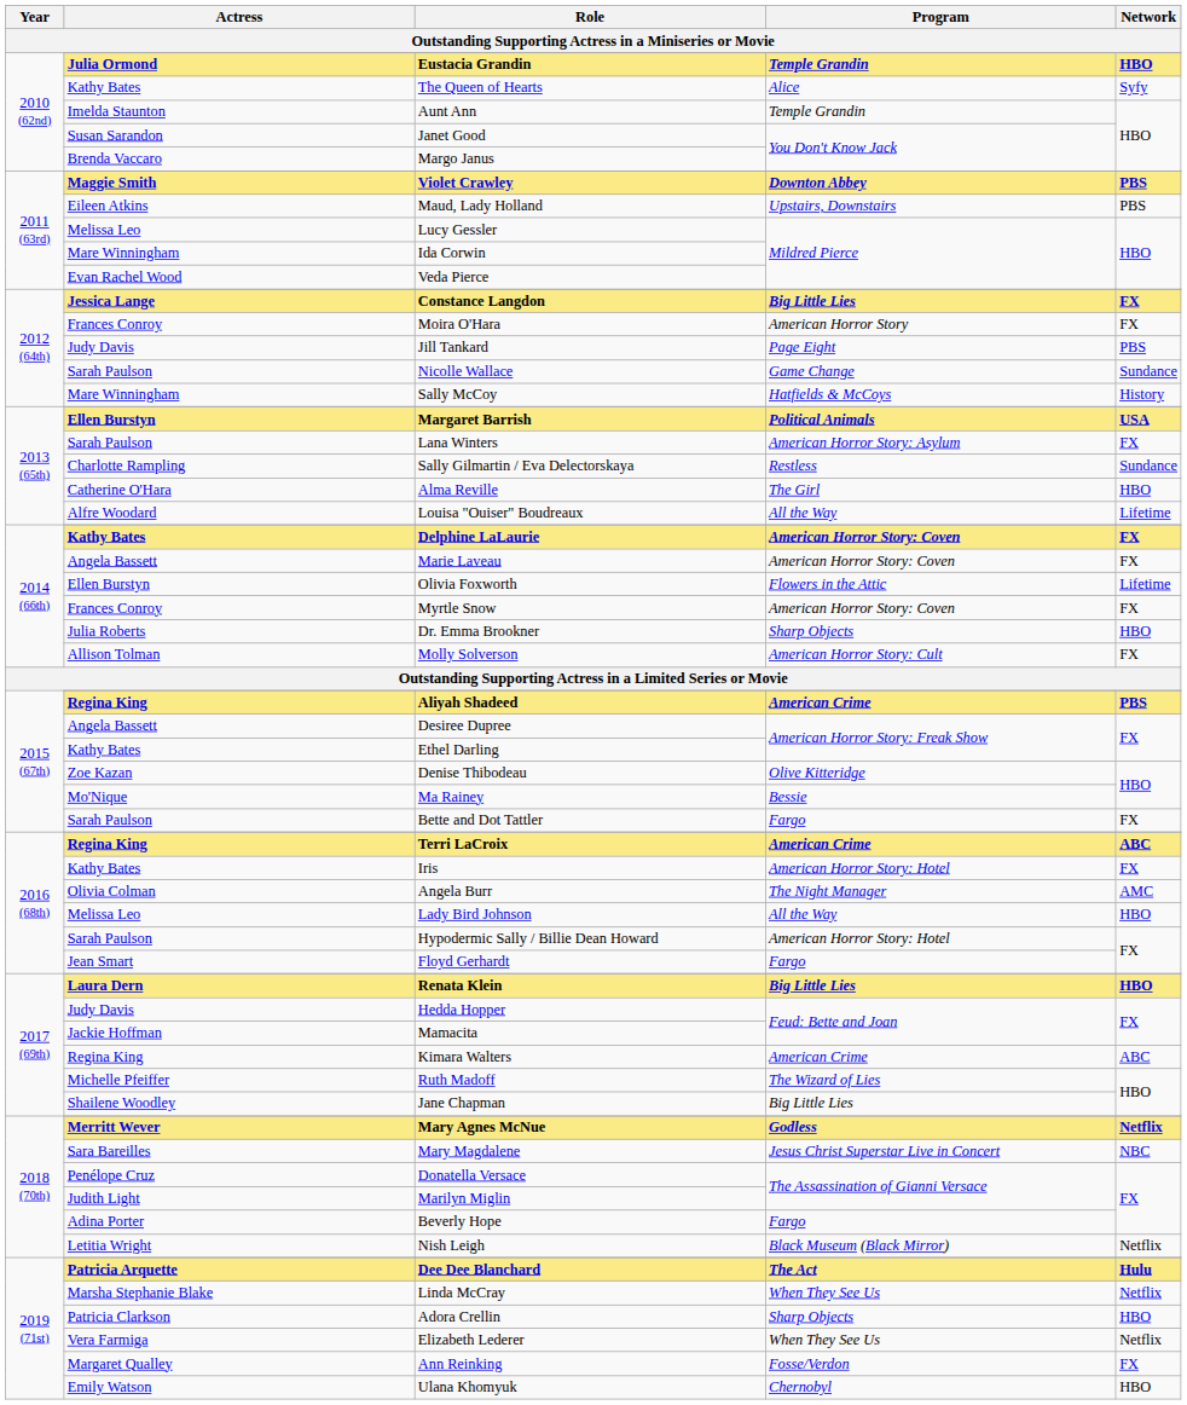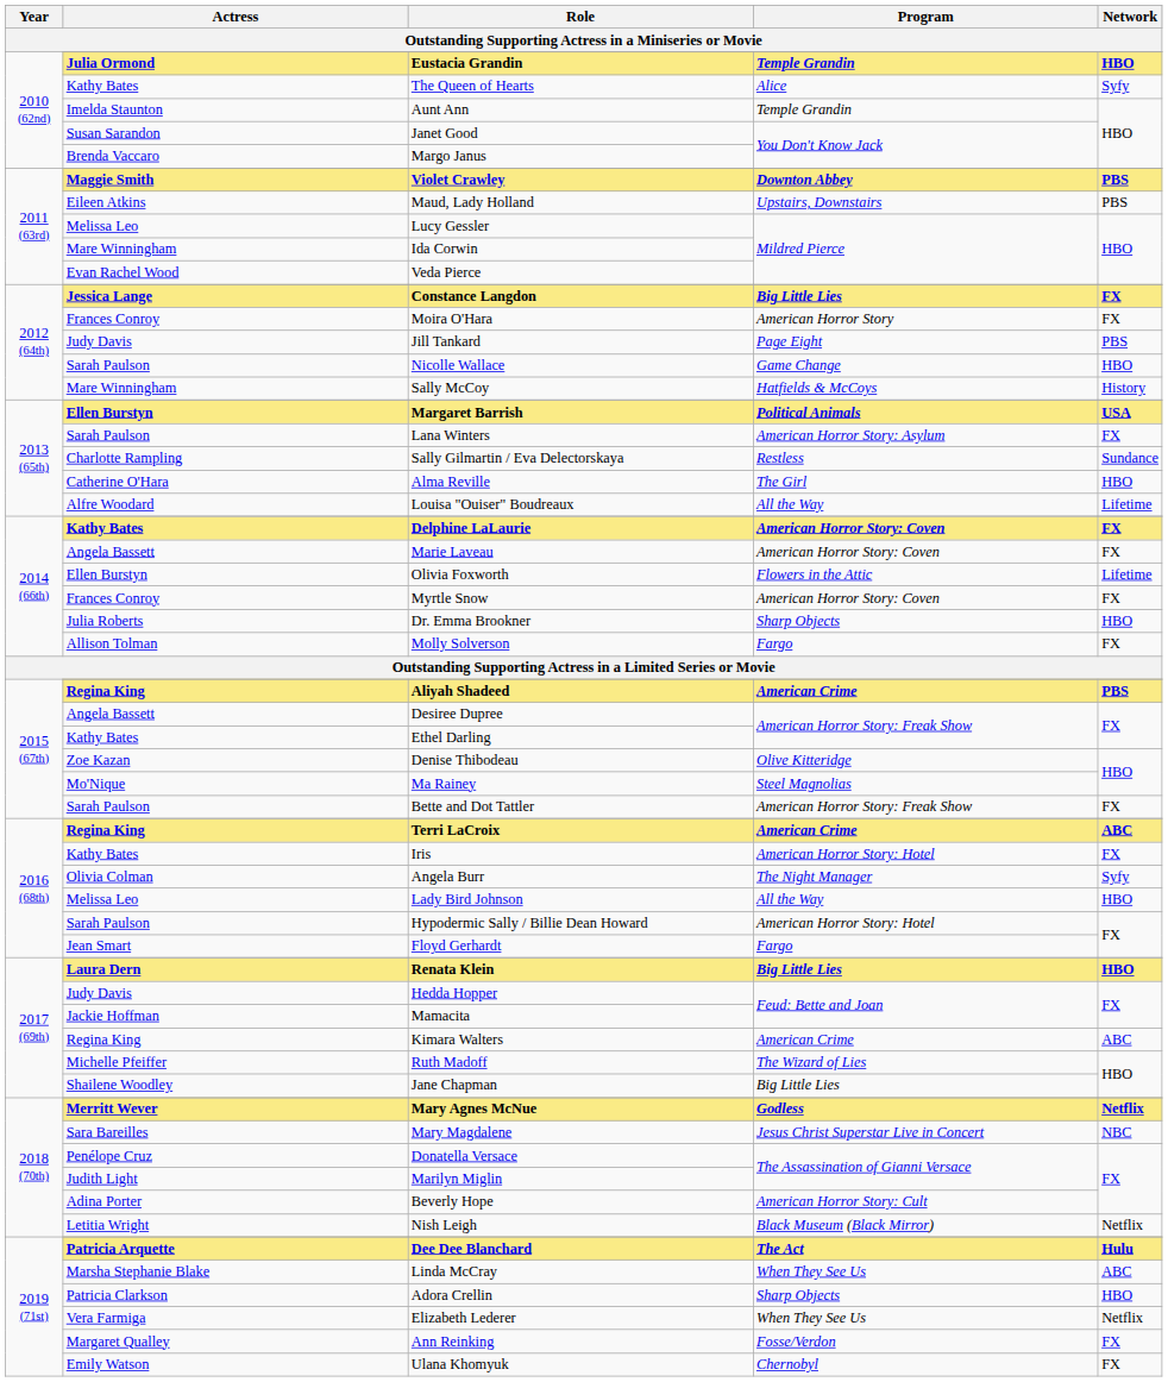 <table class="wikitable" style="width:100%; text-align: left;">
 <tr style="background:#bebebe;">
 <th style="width:5%;">Year</th>
 <th style="width:30%;">Actress</th>
 <th style="width:30%;">Role</th>
 <th style="width:30%;">Program</th>
 <th style="width:5%;">Network</th>
 </tr>
 <tr>
 <th colspan=5>Outstanding Supporting Actress in a Miniseries or Movie</th>
 </tr>
 <tr>
 <td rowspan=6 style="text-align:center"><a href='#'>2010</a><br><small><a href='#'>(62nd)</a></small><br></td>
 </tr>
 <tr style="background:#FAEB86;">
 <td><strong><a href='#'>Julia Ormond</a></strong></td>
 <td><strong>Eustacia Grandin</strong></td>
 <td><strong><em><a href='#'>Temple Grandin</a></em></strong></td>
 <td><strong><a href='#'>HBO</a></strong></td>
 </tr>
 <tr>
 <td><a href='#'>Kathy Bates</a></td>
 <td><a href='#'>The Queen of Hearts</a></td>
 <td><em><a href='#'>Alice</a></em></td>
 <td><a href='#'>Syfy</a></td>
 </tr>
 <tr>
 <td><a href='#'>Imelda Staunton</a></td>
 <td>Aunt Ann</td>
 <td><em>Temple Grandin</em></td>
 <td rowspan="3">HBO</td>
 </tr>
 <tr>
 <td><a href='#'>Susan Sarandon</a></td>
 <td>Janet Good</td>
 <td rowspan="2"><em><a href='#'>You Don't Know Jack</a></em></td>
 </tr>
 <tr>
 <td><a href='#'>Brenda Vaccaro</a></td>
 <td>Margo Janus</td>
 </tr>
 <tr>
 <td rowspan=6 style="text-align:center"><a href='#'>2011</a><br><small><a href='#'>(63rd)</a></small><br></td>
 </tr>
 <tr style="background:#FAEB86;">
 <td><strong><a href='#'>Maggie Smith</a></strong></td>
 <td><strong><a href='#'>Violet Crawley</a></strong></td>
 <td><strong><em><a href='#'>Downton Abbey</a></em></strong></td>
 <td><strong><a href='#'>PBS</a></strong></td>
 </tr>
 <tr>
 <td><a href='#'>Eileen Atkins</a></td>
 <td>Maud, Lady Holland</td>
 <td><em><a href='#'>Upstairs, Downstairs</a></em></td>
 <td>PBS</td>
 </tr>
 <tr>
 <td><a href='#'>Melissa Leo</a></td>
 <td>Lucy Gessler</td>
 <td rowspan="3"><em><a href='#'>Mildred Pierce</a></em></td>
 <td rowspan="3"><a href='#'>HBO</a></td>
 </tr>
 <tr>
 <td><a href='#'>Mare Winningham</a></td>
 <td>Ida Corwin</td>
 </tr>
 <tr>
 <td><a href='#'>Evan Rachel Wood</a></td>
 <td>Veda Pierce</td>
 </tr>
 <tr>
 <td rowspan=6 style="text-align:center"><a href='#'>2012</a><br><small><a href='#'>(64th)</a></small><br></td>
 </tr>
 <tr style="background:#FAEB86;">
 <td><strong><a href='#'>Jessica Lange</a></strong></td>
 <td><strong>Constance Langdon</strong></td>
 <td><strong><em><a href='#'>Big Little Lies</a></em></strong></td>
 <td><strong><a href='#'>FX</a></strong></td>
 </tr>
 <tr>
 <td><a href='#'>Frances Conroy</a></td>
 <td>Moira O'Hara</td>
 <td><em>American Horror Story</em></td>
 <td>FX</td>
 </tr>
 <tr>
 <td><a href='#'>Judy Davis</a></td>
 <td>Jill Tankard</td>
 <td><em><a href='#'>Page Eight</a></em></td>
 <td><a href='#'>PBS</a></td>
 </tr>
 <tr>
 <td><a href='#'>Sarah Paulson</a></td>
 <td><a href='#'>Nicolle Wallace</a></td>
 <td><em><a href='#'>Game Change</a></em></td>
-<td><a href='#'>Sundance</a></td>
+<td><a href='#'>HBO</a></td>
 </tr>
 <tr>
 <td><a href='#'>Mare Winningham</a></td>
 <td>Sally McCoy</td>
 <td><em><a href='#'>Hatfields & McCoys</a></em></td>
 <td><a href='#'>History</a></td>
 </tr>
 <tr>
 <td rowspan=6 style="text-align:center"><a href='#'>2013</a><br><small><a href='#'>(65th)</a></small><br></td>
 </tr>
 <tr style="background:#FAEB86;">
 <td><strong><a href='#'>Ellen Burstyn</a></strong></td>
 <td><strong>Margaret Barrish</strong></td>
 <td><strong><em><a href='#'>Political Animals</a></em></strong></td>
 <td><strong><a href='#'>USA</a></strong></td>
 </tr>
 <tr>
 <td><a href='#'>Sarah Paulson</a></td>
 <td>Lana Winters</td>
 <td><em><a href='#'>American Horror Story: Asylum</a></em></td>
 <td><a href='#'>FX</a></td>
 </tr>
 <tr>
 <td><a href='#'>Charlotte Rampling</a></td>
 <td>Sally Gilmartin / Eva Delectorskaya</td>
 <td><em><a href='#'>Restless</a></em></td>
 <td><a href='#'>Sundance</a></td>
 </tr>
 <tr>
 <td><a href='#'>Catherine O'Hara</a></td>
 <td><a href='#'>Alma Reville</a></td>
 <td><em><a href='#'>The Girl</a></em></td>
 <td><a href='#'>HBO</a></td>
 </tr>
 <tr>
 <td><a href='#'>Alfre Woodard</a></td>
 <td>Louisa "Ouiser" Boudreaux</td>
 <td><em><a href='#'>All the Way</a></em></td>
 <td><a href='#'>Lifetime</a></td>
 </tr>
 <tr>
 <td rowspan=7 style="text-align:center"><a href='#'>2014</a><br><small><a href='#'>(66th)</a></small><br></td>
 </tr>
 <tr style="background:#FAEB86;">
 <td><strong><a href='#'>Kathy Bates</a></strong></td>
 <td><strong><a href='#'>Delphine LaLaurie</a></strong></td>
 <td><strong><em><a href='#'>American Horror Story: Coven</a></em></strong></td>
 <td><strong><a href='#'>FX</a></strong></td>
 </tr>
 <tr>
 <td><a href='#'>Angela Bassett</a></td>
 <td><a href='#'>Marie Laveau</a></td>
 <td><em>American Horror Story: Coven</em></td>
 <td>FX</td>
 </tr>
 <tr>
 <td><a href='#'>Ellen Burstyn</a></td>
 <td>Olivia Foxworth</td>
 <td><em><a href='#'>Flowers in the Attic</a></em></td>
 <td><a href='#'>Lifetime</a></td>
 </tr>
 <tr>
 <td><a href='#'>Frances Conroy</a></td>
 <td>Myrtle Snow</td>
 <td><em>American Horror Story: Coven</em></td>
 <td>FX</td>
 </tr>
 <tr>
 <td><a href='#'>Julia Roberts</a></td>
 <td>Dr. Emma Brookner</td>
 <td><em><a href='#'>Sharp Objects</a></em></td>
 <td><a href='#'>HBO</a></td>
 </tr>
 <tr>
 <td><a href='#'>Allison Tolman</a></td>
 <td><a href='#'>Molly Solverson</a></td>
-<td><em><a href='#'>American Horror Story: Cult</a></em></td>
+<td><em><a href='#'>Fargo</a></em></td>
 <td>FX</td>
 </tr>
 <tr>
 <th colspan=5>Outstanding Supporting Actress in a Limited Series or Movie</th>
 </tr>
 <tr>
 <td rowspan=7 style="text-align:center"><a href='#'>2015</a><br><small><a href='#'>(67th)</a></small><br></td>
 </tr>
 <tr style="background:#FAEB86;">
 <td><strong><a href='#'>Regina King</a></strong></td>
 <td><strong>Aliyah Shadeed</strong></td>
 <td><strong><em><a href='#'>American Crime</a></em></strong></td>
 <td><strong><a href='#'>PBS</a></strong></td>
 </tr>
 <tr>
 <td><a href='#'>Angela Bassett</a></td>
 <td>Desiree Dupree</td>
 <td rowspan="2"><em><a href='#'>American Horror Story: Freak Show</a></em></td>
 <td rowspan="2"><a href='#'>FX</a></td>
 </tr>
 <tr>
 <td><a href='#'>Kathy Bates</a></td>
 <td>Ethel Darling</td>
 </tr>
 <tr>
 <td><a href='#'>Zoe Kazan</a></td>
 <td>Denise Thibodeau</td>
 <td><em><a href='#'>Olive Kitteridge</a></em></td>
 <td rowspan="2"><a href='#'>HBO</a></td>
 </tr>
 <tr>
 <td><a href='#'>Mo'Nique</a></td>
 <td><a href='#'>Ma Rainey</a></td>
-<td><em><a href='#'>Bessie</a></em></td>
+<td><em><a href='#'>Steel Magnolias</a></em></td>
 </tr>
 <tr>
 <td><a href='#'>Sarah Paulson</a></td>
 <td>Bette and Dot Tattler</td>
-<td><em><a href='#'>Fargo</a></em></td>
+<td><em>American Horror Story: Freak Show</em></td>
 <td>FX</td>
 </tr>
 <tr>
 <td rowspan=7 style="text-align:center"><a href='#'>2016</a><br><small><a href='#'>(68th)</a></small><br></td>
 </tr>
 <tr style="background:#FAEB86;">
 <td><strong><a href='#'>Regina King</a></strong></td>
 <td><strong>Terri LaCroix</strong></td>
 <td><strong><em><a href='#'>American Crime</a></em></strong></td>
 <td><strong><a href='#'>ABC</a></strong></td>
 </tr>
 <tr>
 <td><a href='#'>Kathy Bates</a></td>
 <td>Iris</td>
 <td><em><a href='#'>American Horror Story: Hotel</a></em></td>
 <td><a href='#'>FX</a></td>
 </tr>
 <tr>
 <td><a href='#'>Olivia Colman</a></td>
 <td>Angela Burr</td>
 <td><em><a href='#'>The Night Manager</a></em></td>
-<td><a href='#'>AMC</a></td>
+<td><a href='#'>Syfy</a></td>
 </tr>
 <tr>
 <td><a href='#'>Melissa Leo</a></td>
 <td><a href='#'>Lady Bird Johnson</a></td>
 <td><em><a href='#'>All the Way</a></em></td>
 <td><a href='#'>HBO</a></td>
 </tr>
 <tr>
 <td><a href='#'>Sarah Paulson</a></td>
 <td>Hypodermic Sally / Billie Dean Howard</td>
 <td><em>American Horror Story: Hotel</em></td>
 <td rowspan="2">FX</td>
 </tr>
 <tr>
 <td><a href='#'>Jean Smart</a></td>
 <td><a href='#'>Floyd Gerhardt</a></td>
 <td><em><a href='#'>Fargo</a></em></td>
 </tr>
 <tr>
 <td rowspan=7 style="text-align:center"><a href='#'>2017</a><br><small><a href='#'>(69th)</a></small><br></td>
 </tr>
 <tr style="background:#FAEB86;">
 <td><strong><a href='#'>Laura Dern</a></strong></td>
 <td><strong>Renata Klein</strong></td>
 <td><strong><em><a href='#'>Big Little Lies</a></em></strong></td>
 <td><strong><a href='#'>HBO</a></strong></td>
 </tr>
 <tr>
 <td><a href='#'>Judy Davis</a></td>
 <td><a href='#'>Hedda Hopper</a></td>
 <td rowspan="2"><em><a href='#'>Feud: Bette and Joan</a></em></td>
 <td rowspan="2"><a href='#'>FX</a></td>
 </tr>
 <tr>
 <td><a href='#'>Jackie Hoffman</a></td>
 <td>Mamacita</td>
 </tr>
 <tr>
 <td><a href='#'>Regina King</a></td>
 <td>Kimara Walters</td>
 <td><em><a href='#'>American Crime</a></em></td>
 <td><a href='#'>ABC</a></td>
 </tr>
 <tr>
 <td><a href='#'>Michelle Pfeiffer</a></td>
 <td><a href='#'>Ruth Madoff</a></td>
 <td><em><a href='#'>The Wizard of Lies</a></em></td>
 <td rowspan="2">HBO</td>
 </tr>
 <tr>
 <td><a href='#'>Shailene Woodley</a></td>
 <td>Jane Chapman</td>
 <td><em>Big Little Lies</em></td>
 </tr>
 <tr>
 <td rowspan=7 style="text-align:center"><a href='#'>2018</a><br><small><a href='#'>(70th)</a></small><br></td>
 </tr>
 <tr style="background:#FAEB86;">
 <td><strong><a href='#'>Merritt Wever</a></strong></td>
 <td><strong>Mary Agnes McNue</strong></td>
 <td><strong><em><a href='#'>Godless</a></em></strong></td>
 <td><strong><a href='#'>Netflix</a></strong></td>
 </tr>
 <tr>
 <td><a href='#'>Sara Bareilles</a></td>
 <td><a href='#'>Mary Magdalene</a></td>
 <td><em><a href='#'>Jesus Christ Superstar Live in Concert</a></em></td>
 <td><a href='#'>NBC</a></td>
 </tr>
 <tr>
 <td><a href='#'>Penélope Cruz</a></td>
 <td><a href='#'>Donatella Versace</a></td>
 <td rowspan="2"><em><a href='#'>The Assassination of Gianni Versace</a></em></td>
 <td rowspan="3"><a href='#'>FX</a></td>
 </tr>
 <tr>
 <td><a href='#'>Judith Light</a></td>
 <td><a href='#'>Marilyn Miglin</a></td>
 </tr>
 <tr>
 <td><a href='#'>Adina Porter</a></td>
 <td>Beverly Hope</td>
-<td><em><a href='#'>Fargo</a></em></td>
+<td><em><a href='#'>American Horror Story: Cult</a></em></td>
 </tr>
 <tr>
 <td><a href='#'>Letitia Wright</a></td>
 <td>Nish Leigh</td>
 <td><em><a href='#'>Black Museum</a> (<a href='#'>Black Mirror</a>)</em></td>
 <td>Netflix</td>
 </tr>
 <tr>
 <td rowspan=7 style="text-align:center"><a href='#'>2019</a><br><small><a href='#'>(71st)</a></small><br></td>
 </tr>
 <tr style="background:#FAEB86;">
 <td><strong><a href='#'>Patricia Arquette</a></strong></td>
 <td><strong><a href='#'>Dee Dee Blanchard</a></strong></td>
 <td><strong><em><a href='#'>The Act</a></em></strong></td>
 <td><strong><a href='#'>Hulu</a></strong></td>
 </tr>
 <tr>
 <td><a href='#'>Marsha Stephanie Blake</a></td>
 <td>Linda McCray</td>
 <td><em><a href='#'>When They See Us</a></em></td>
-<td><a href='#'>Netflix</a></td>
+<td><a href='#'>ABC</a></td>
 </tr>
 <tr>
 <td><a href='#'>Patricia Clarkson</a></td>
 <td>Adora Crellin</td>
 <td><em><a href='#'>Sharp Objects</a></em></td>
 <td><a href='#'>HBO</a></td>
 </tr>
 <tr>
 <td><a href='#'>Vera Farmiga</a></td>
 <td>Elizabeth Lederer</td>
 <td><em>When They See Us</em></td>
 <td>Netflix</td>
 </tr>
 <tr>
 <td><a href='#'>Margaret Qualley</a></td>
 <td><a href='#'>Ann Reinking</a></td>
 <td><em><a href='#'>Fosse/Verdon</a></em></td>
 <td><a href='#'>FX</a></td>
 </tr>
 <tr>
 <td><a href='#'>Emily Watson</a></td>
 <td>Ulana Khomyuk</td>
 <td><em><a href='#'>Chernobyl</a></em></td>
-<td>HBO</td>
+<td>FX</td>
 </tr>
 </table>
